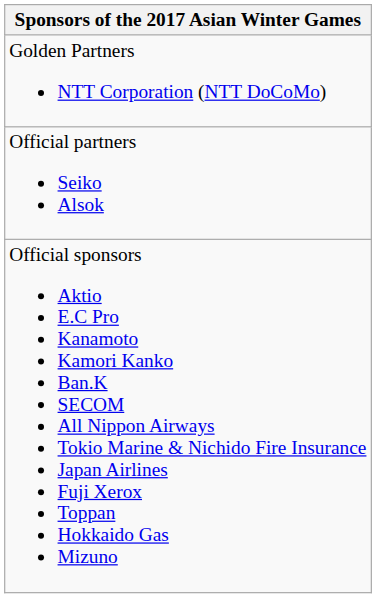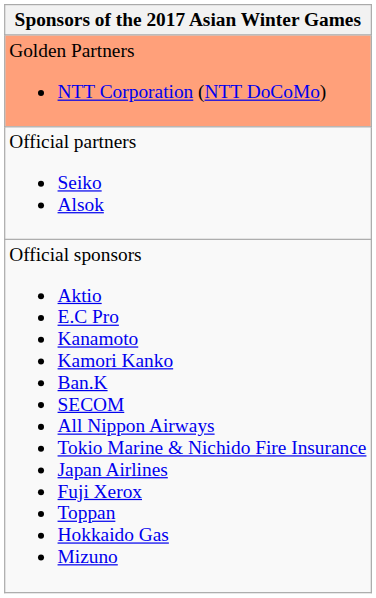 <table class="wikitable collapsible " style="float:center; margin:10px;">
 <tr>
 <th>Sponsors of the 2017 Asian Winter Games</th>
 </tr>
 <tr>
-<td>Golden Partners<br><ul><li><a href='#'>NTT Corporation</a> (<a href='#'>NTT DoCoMo</a>)</li></ul></td>
+<td style="background: lightsalmon;">Golden Partners<br><ul><li><a href='#'>NTT Corporation</a> (<a href='#'>NTT DoCoMo</a>)</li></ul></td>
 </tr>
 <tr>
 <td>Official partners<br><ul><li><a href='#'>Seiko</a></li><li><a href='#'>Alsok</a></li></ul></td>
 </tr>
 <tr>
 <td>Official sponsors<br><ul><li><a href='#'>Aktio</a></li><li><a href='#'>E.C Pro</a></li><li><a href='#'>Kanamoto</a></li><li><a href='#'>Kamori Kanko</a></li><li><a href='#'>Ban.K</a></li><li><a href='#'>SECOM</a></li><li><a href='#'>All Nippon Airways</a></li><li><a href='#'>Tokio Marine & Nichido Fire Insurance</a></li><li><a href='#'>Japan Airlines</a></li><li><a href='#'>Fuji Xerox</a></li><li><a href='#'>Toppan</a></li><li><a href='#'>Hokkaido Gas</a></li><li><a href='#'>Mizuno</a></li></ul></td>
 </tr>
 </table>
